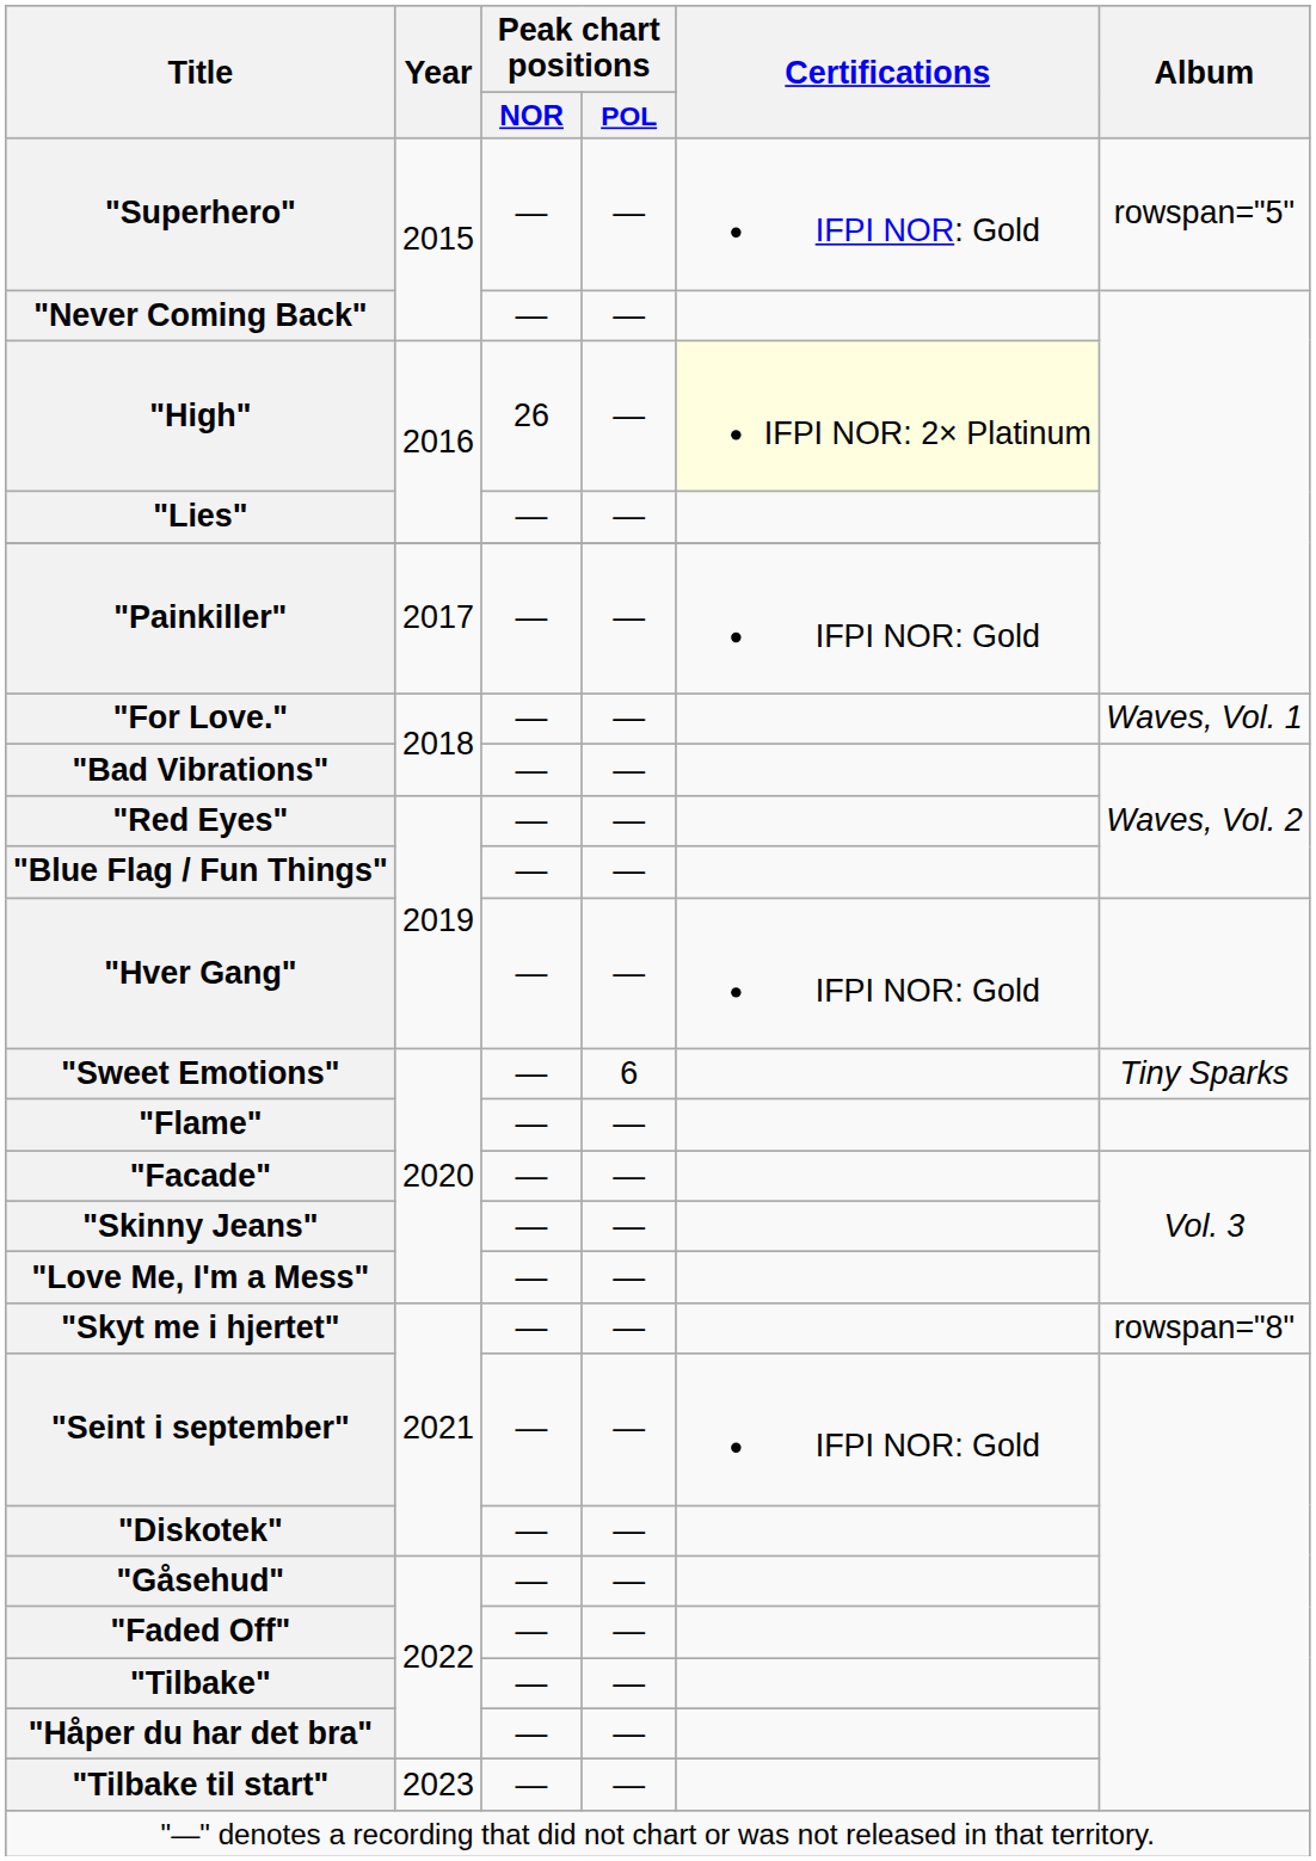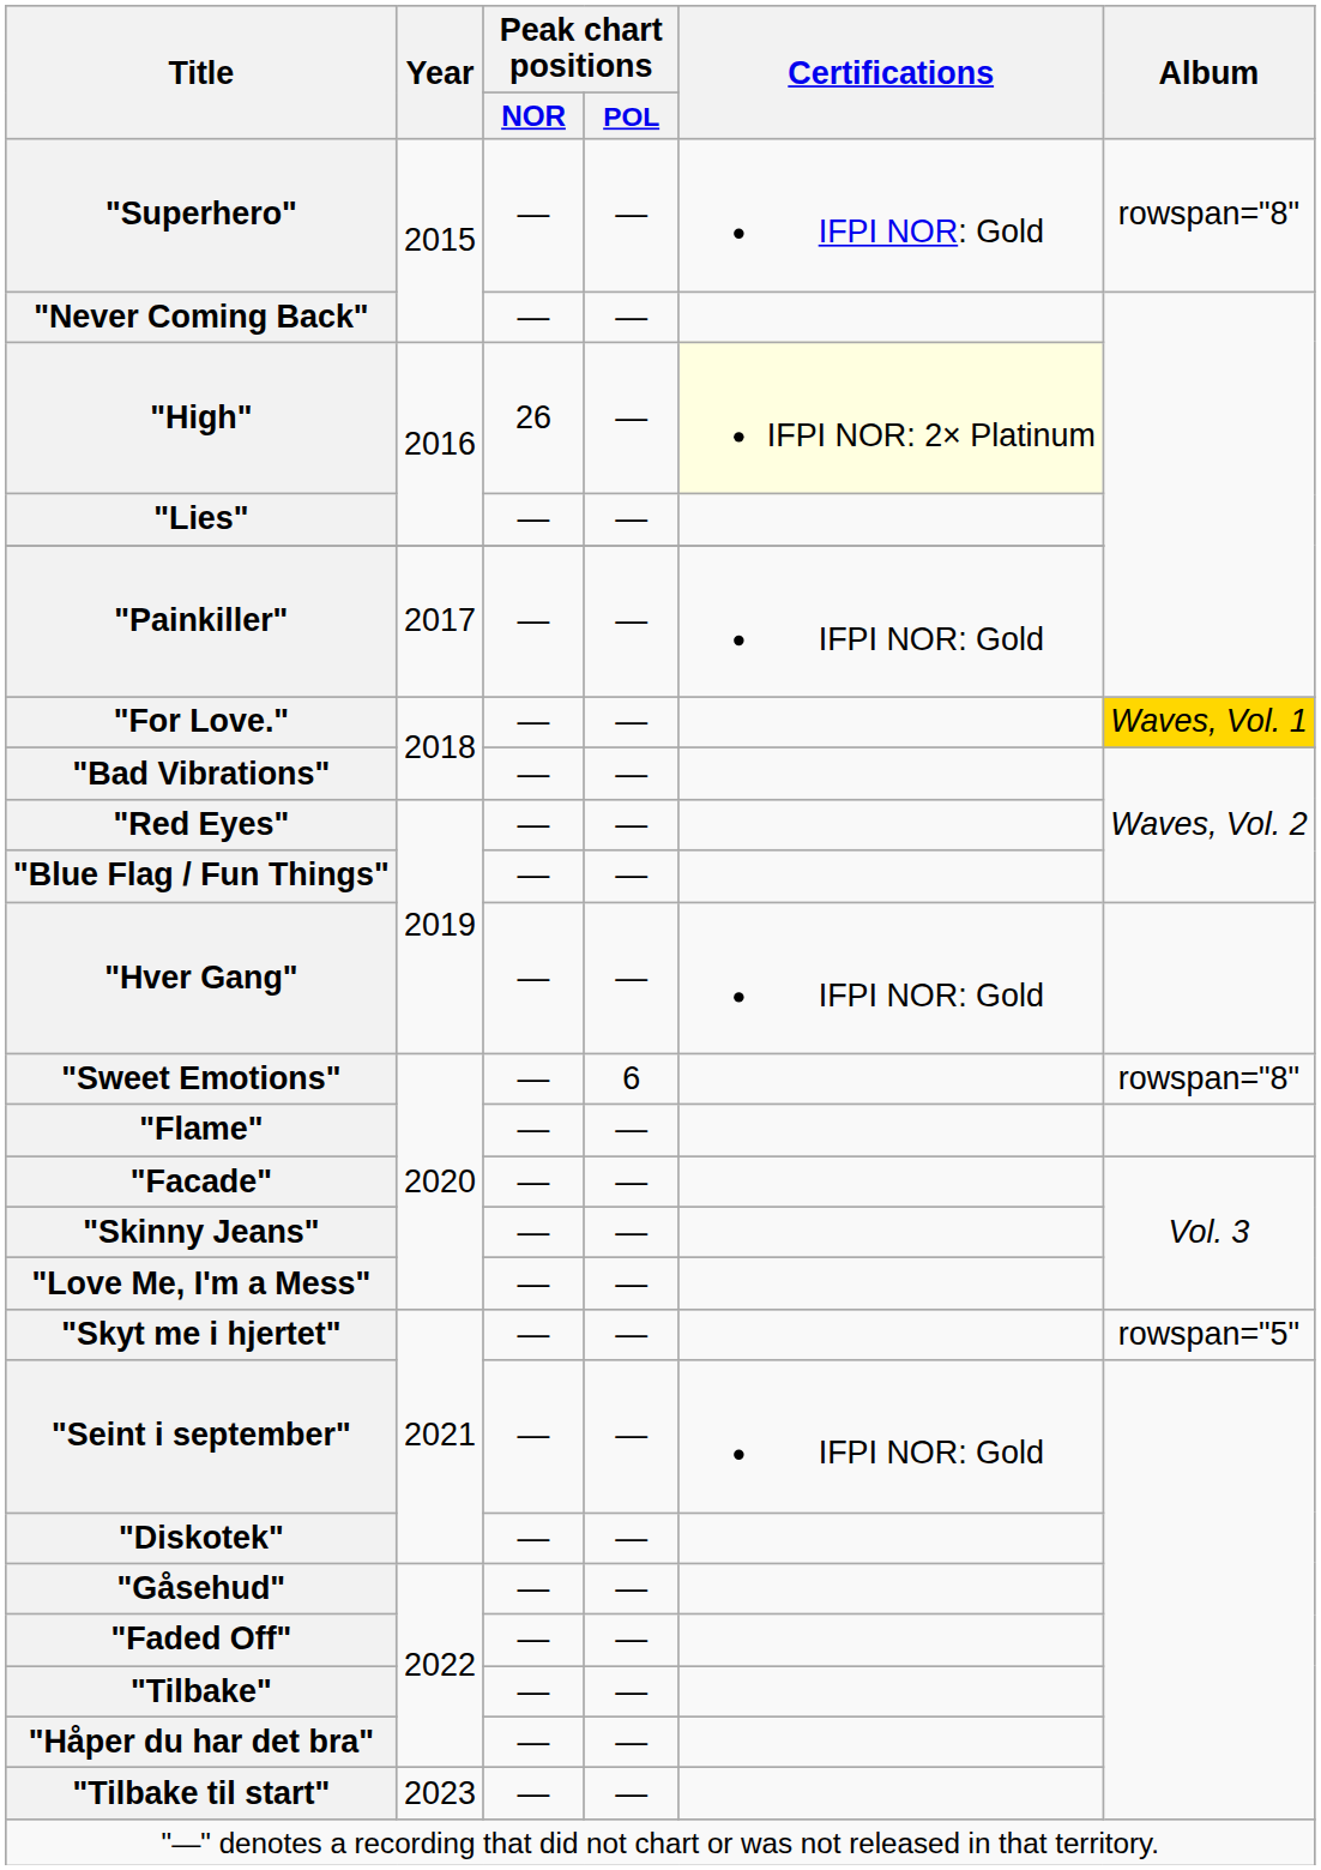 <table class="wikitable plainrowheaders" style="text-align:center;">
 <tr>
 <th scope="col" rowspan=2>Title</th>
 <th scope="col" rowspan=2>Year</th>
 <th scope="col" colspan=2>Peak chart positions</th>
 <th scope="col" rowspan=2><a href='#'>Certifications</a></th>
 <th scope="col" rowspan=2>Album</th>
 </tr>
 <tr>
 <th scope="col" style="width:3em;font-size:90%;"><a href='#'>NOR</a><br></th>
 <th scope="col" style="width:3em;font-size:85%;"><a href='#'>POL</a><br></th>
 </tr>
 <tr>
 <th scope="row">"Superhero"</th>
 <td rowspan="2">2015</td>
 <td>—</td>
 <td>—</td>
 <td><br><ul><li><a href='#'>IFPI NOR</a>: Gold</li></ul></td>
-<td>rowspan="5" </td>
+<td>rowspan="8" </td>
 </tr>
 <tr>
 <th scope="row">"Never Coming Back"</th>
 <td>—</td>
 <td>—</td>
 <td></td>
 </tr>
 <tr>
 <th scope="row">"High"</th>
 <td rowspan="2">2016</td>
 <td>26</td>
 <td>—</td>
 <td style="background: lightyellow;"><br><ul><li>IFPI NOR: 2× Platinum</li></ul></td>
 </tr>
 <tr>
 <th scope="row">"Lies"</th>
 <td>—</td>
 <td>—</td>
 <td></td>
 </tr>
 <tr>
 </tr>
 <tr>
 <th scope="row">"Painkiller"</th>
 <td>2017</td>
 <td>—</td>
 <td>—</td>
 <td><br><ul><li>IFPI NOR: Gold</li></ul></td>
 </tr>
 <tr>
 <th scope="row">"For Love."</th>
 <td rowspan="2">2018</td>
 <td>—</td>
 <td>—</td>
 <td></td>
-<td><em>Waves, Vol. 1</em></td>
+<td style="background: gold;"><em>Waves, Vol. 1</em></td>
 </tr>
 <tr>
 <th scope="row">"Bad Vibrations"</th>
 <td>—</td>
 <td>—</td>
 <td></td>
 <td rowspan="3"><em>Waves, Vol. 2</em></td>
 </tr>
 <tr>
 <th scope="row">"Red Eyes"</th>
 <td rowspan="3">2019</td>
 <td>—</td>
 <td>—</td>
 <td></td>
 </tr>
 <tr>
 <th scope="row">"Blue Flag / Fun Things"</th>
 <td>—</td>
 <td>—</td>
 <td></td>
 </tr>
 <tr>
 <th scope="row">"Hver Gang"<br></th>
 <td>—</td>
 <td>—</td>
 <td><br><ul><li>IFPI NOR: Gold</li></ul></td>
 <td></td>
 </tr>
 <tr>
 <th scope="row">"Sweet Emotions"<br></th>
 <td rowspan="5">2020</td>
 <td>—</td>
 <td>6</td>
 <td></td>
-<td><em>Tiny Sparks</em></td>
+<td>rowspan="8" </td>
 </tr>
 <tr>
 <th scope="row">"Flame"<br></th>
 <td>—</td>
 <td>—</td>
 <td></td>
 <td></td>
 </tr>
 <tr>
 <th scope="row">"Facade"</th>
 <td>—</td>
 <td>—</td>
 <td></td>
 <td rowspan="3"><em>Vol. 3</em></td>
 </tr>
 <tr>
 <th scope="row">"Skinny Jeans"</th>
 <td>—</td>
 <td>—</td>
 <td></td>
 </tr>
 <tr>
 <th scope="row">"Love Me, I'm a Mess"</th>
 <td>—</td>
 <td>—</td>
 <td></td>
 </tr>
 <tr>
 <th scope="row">"Skyt me i hjertet"</th>
 <td rowspan="3">2021</td>
 <td>—</td>
 <td>—</td>
 <td></td>
-<td>rowspan="8" </td>
+<td>rowspan="5" </td>
 </tr>
 <tr>
 <th scope="row">"Seint i september" </th>
 <td>—</td>
 <td>—</td>
 <td><br><ul><li>IFPI NOR: Gold</li></ul></td>
 </tr>
 <tr>
 <th scope="row">"Diskotek" </th>
 <td>—</td>
 <td>—</td>
 <td></td>
 </tr>
 <tr>
 <th scope="row">"Gåsehud"</th>
 <td rowspan="4">2022</td>
 <td>—</td>
 <td>—</td>
 <td></td>
 </tr>
 <tr>
 <th scope="row">"Faded Off" </th>
 <td>—</td>
 <td>—</td>
 <td></td>
 </tr>
 <tr>
 <th scope="row">"Tilbake" </th>
 <td>—</td>
 <td>—</td>
 <td></td>
 </tr>
 <tr>
 <th scope="row">"Håper du har det bra"</th>
 <td>—</td>
 <td>—</td>
 <td></td>
 </tr>
 <tr>
 <th scope="row">"Tilbake til start"</th>
 <td>2023</td>
 <td>—</td>
 <td>—</td>
 <td></td>
 </tr>
 <tr>
 <td colspan="9" style="font-size:90%">"—" denotes a recording that did not chart or was not released in that territory.</td>
 </tr>
 </table>
